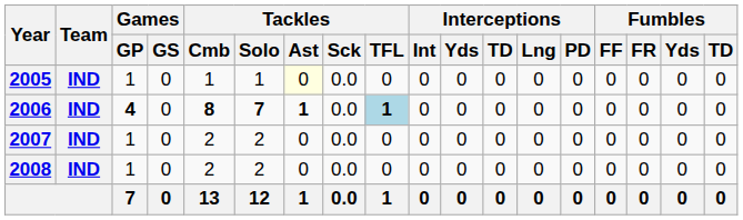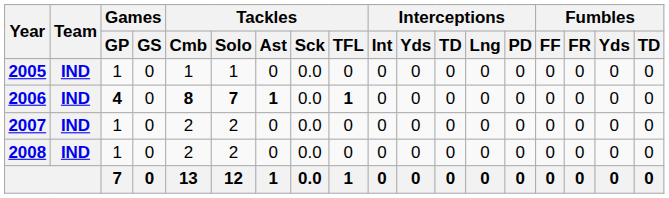 <table class="wikitable" style="text-align:center">
 <tr>
 <th rowspan="2">Year</th>
 <th rowspan="2">Team</th>
 <th colspan="2">Games</th>
 <th colspan="5">Tackles</th>
 <th colspan="5">Interceptions</th>
 <th colspan="4">Fumbles</th>
 </tr>
 <tr>
 <th>GP</th>
 <th>GS</th>
 <th>Cmb</th>
 <th>Solo</th>
 <th>Ast</th>
 <th>Sck</th>
 <th>TFL</th>
 <th>Int</th>
 <th>Yds</th>
 <th>TD</th>
 <th>Lng</th>
 <th>PD</th>
 <th>FF</th>
 <th>FR</th>
 <th>Yds</th>
 <th>TD</th>
 </tr>
 <tr>
 <th><a href='#'>2005</a></th>
 <th><a href='#'>IND</a></th>
 <td>1</td>
 <td>0</td>
 <td>1</td>
 <td>1</td>
-<td style="background: lightyellow;">0</td>
+<td>0</td>
 <td>0.0</td>
 <td>0</td>
 <td>0</td>
 <td>0</td>
 <td>0</td>
 <td>0</td>
 <td>0</td>
 <td>0</td>
 <td>0</td>
 <td>0</td>
 <td>0</td>
 </tr>
 <tr>
 <th><a href='#'>2006</a></th>
 <th><a href='#'>IND</a></th>
 <td><strong>4</strong></td>
 <td>0</td>
 <td><strong>8</strong></td>
 <td><strong>7</strong></td>
 <td><strong>1</strong></td>
 <td>0.0</td>
-<td style="background: lightblue;"><strong>1</strong></td>
+<td><strong>1</strong></td>
 <td>0</td>
 <td>0</td>
 <td>0</td>
 <td>0</td>
 <td>0</td>
 <td>0</td>
 <td>0</td>
 <td>0</td>
 <td>0</td>
 </tr>
 <tr>
 <th><a href='#'>2007</a></th>
 <th><a href='#'>IND</a></th>
 <td>1</td>
 <td>0</td>
 <td>2</td>
 <td>2</td>
 <td>0</td>
 <td>0.0</td>
 <td>0</td>
 <td>0</td>
 <td>0</td>
 <td>0</td>
 <td>0</td>
 <td>0</td>
 <td>0</td>
 <td>0</td>
 <td>0</td>
 <td>0</td>
 </tr>
 <tr>
 <th><a href='#'>2008</a></th>
 <th><a href='#'>IND</a></th>
 <td>1</td>
 <td>0</td>
 <td>2</td>
 <td>2</td>
 <td>0</td>
 <td>0.0</td>
 <td>0</td>
 <td>0</td>
 <td>0</td>
 <td>0</td>
 <td>0</td>
 <td>0</td>
 <td>0</td>
 <td>0</td>
 <td>0</td>
 <td>0</td>
 </tr>
 <tr>
 <th colspan="2"></th>
 <th>7</th>
 <th>0</th>
 <th>13</th>
 <th>12</th>
 <th>1</th>
 <th>0.0</th>
 <th>1</th>
 <th>0</th>
 <th>0</th>
 <th>0</th>
 <th>0</th>
 <th>0</th>
 <th>0</th>
 <th>0</th>
 <th>0</th>
 <th>0</th>
 </tr>
 </table>
